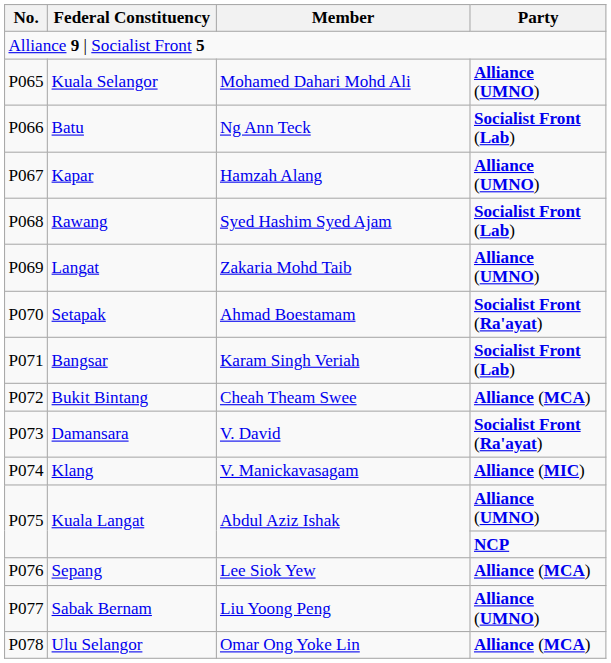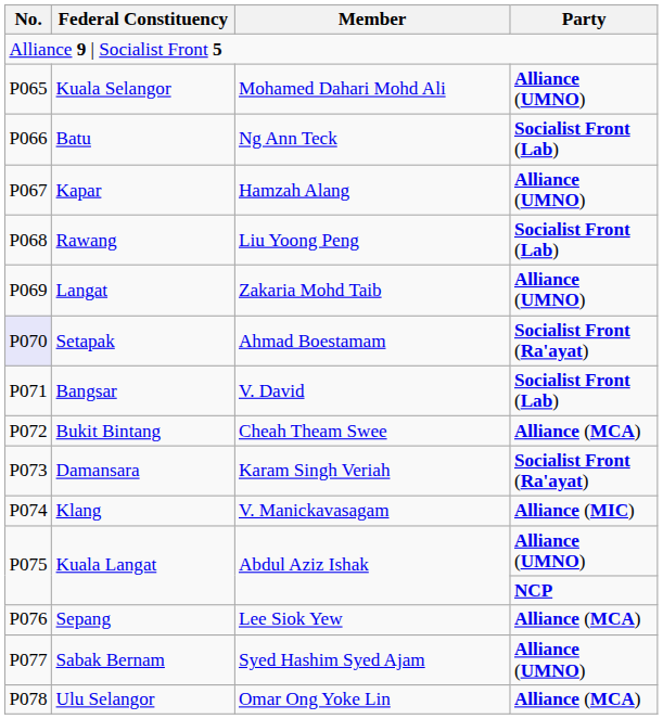 <table class="wikitable sortable">
 <tr>
 <th style="width:30px;">No.</th>
 <th style="width:150px;">Federal Constituency</th>
 <th style="width:230px;">Member</th>
 <th style="width:120px;">Party</th>
 </tr>
 <tr>
 <td colspan="4"><a href='#'>Alliance</a> <strong>9</strong> | <a href='#'>Socialist Front</a> <strong>5</strong></td>
 </tr>
 <tr>
 <td>P065</td>
 <td><a href='#'>Kuala Selangor</a></td>
 <td><a href='#'>Mohamed Dahari Mohd Ali</a></td>
 <td><strong><a href='#'>Alliance</a></strong> (<strong><a href='#'>UMNO</a></strong>)</td>
 </tr>
 <tr>
 <td>P066</td>
 <td><a href='#'>Batu</a></td>
 <td><a href='#'>Ng Ann Teck</a></td>
 <td><strong><a href='#'>Socialist Front</a></strong> (<strong><a href='#'>Lab</a></strong>)</td>
 </tr>
 <tr>
 <td>P067</td>
 <td><a href='#'>Kapar</a></td>
 <td><a href='#'>Hamzah Alang</a></td>
 <td><strong><a href='#'>Alliance</a></strong> (<strong><a href='#'>UMNO</a></strong>)</td>
 </tr>
 <tr>
 <td>P068</td>
 <td><a href='#'>Rawang</a></td>
-<td><a href='#'>Syed Hashim Syed Ajam</a></td>
+<td><a href='#'>Liu Yoong Peng</a></td>
 <td><strong><a href='#'>Socialist Front</a></strong> (<strong><a href='#'>Lab</a></strong>)</td>
 </tr>
 <tr>
 <td>P069</td>
 <td><a href='#'>Langat</a></td>
 <td><a href='#'>Zakaria Mohd Taib</a></td>
 <td><strong><a href='#'>Alliance</a></strong> (<strong><a href='#'>UMNO</a></strong>)</td>
 </tr>
 <tr>
-<td>P070</td>
+<td style="background: lavender;">P070</td>
 <td><a href='#'>Setapak</a></td>
 <td><a href='#'>Ahmad Boestamam</a></td>
 <td><strong><a href='#'>Socialist Front</a></strong> (<strong><a href='#'>Ra'ayat</a></strong>)</td>
 </tr>
 <tr>
 <td>P071</td>
 <td><a href='#'>Bangsar</a></td>
-<td><a href='#'>Karam Singh Veriah</a></td>
+<td><a href='#'>V. David</a></td>
 <td><strong><a href='#'>Socialist Front</a></strong>  (<strong><a href='#'>Lab</a></strong>)</td>
 </tr>
 <tr>
 <td>P072</td>
 <td><a href='#'>Bukit Bintang</a></td>
 <td><a href='#'>Cheah Theam Swee</a></td>
 <td><strong><a href='#'>Alliance</a></strong> (<strong><a href='#'>MCA</a></strong>)</td>
 </tr>
 <tr>
 <td>P073</td>
 <td><a href='#'>Damansara</a></td>
-<td><a href='#'>V. David</a></td>
+<td><a href='#'>Karam Singh Veriah</a></td>
 <td><strong><a href='#'>Socialist Front</a></strong>  (<strong><a href='#'>Ra'ayat</a></strong>)</td>
 </tr>
 <tr>
 <td>P074</td>
 <td><a href='#'>Klang</a></td>
 <td><a href='#'>V. Manickavasagam</a></td>
 <td><strong><a href='#'>Alliance</a></strong> (<strong><a href='#'>MIC</a></strong>)</td>
 </tr>
 <tr>
 <td rowspan=2>P075</td>
 <td rowspan=2><a href='#'>Kuala Langat</a></td>
 <td rowspan=2><a href='#'>Abdul Aziz Ishak</a></td>
 <td><strong><a href='#'>Alliance</a></strong> (<strong><a href='#'>UMNO</a></strong>)</td>
 </tr>
 <tr>
 <td><strong><a href='#'>NCP</a></strong></td>
 </tr>
 <tr>
 <td>P076</td>
 <td><a href='#'>Sepang</a></td>
 <td><a href='#'>Lee Siok Yew</a></td>
 <td><strong><a href='#'>Alliance</a></strong> (<strong><a href='#'>MCA</a></strong>)</td>
 </tr>
 <tr>
 <td>P077</td>
 <td><a href='#'>Sabak Bernam</a></td>
-<td><a href='#'>Liu Yoong Peng</a></td>
+<td><a href='#'>Syed Hashim Syed Ajam</a></td>
 <td><strong><a href='#'>Alliance</a></strong> (<strong><a href='#'>UMNO</a></strong>)</td>
 </tr>
 <tr>
 <td>P078</td>
 <td><a href='#'>Ulu Selangor</a></td>
 <td><a href='#'>Omar Ong Yoke Lin</a></td>
 <td><strong><a href='#'>Alliance</a></strong> (<strong><a href='#'>MCA</a></strong>)</td>
 </tr>
 </table>
